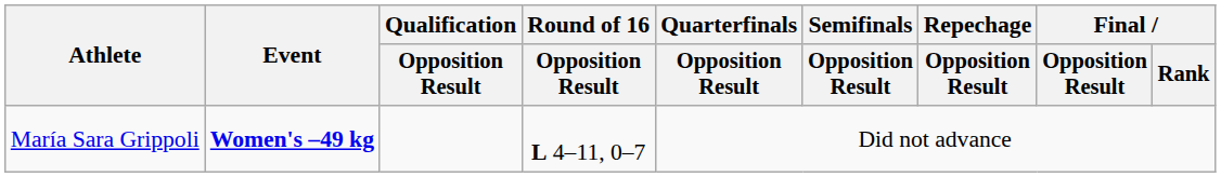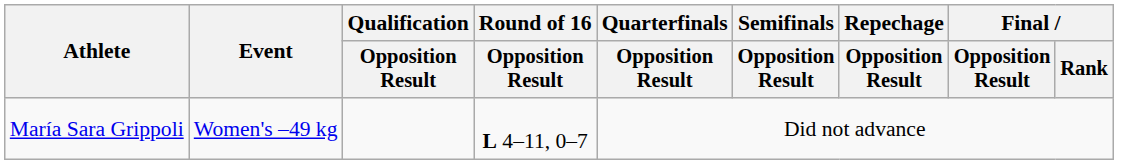 <table class=wikitable style=font-size:90%;text-align:center>
 <tr>
 <th rowspan=2>Athlete</th>
 <th rowspan=2>Event</th>
 <th>Qualification</th>
 <th>Round of 16</th>
 <th>Quarterfinals</th>
 <th>Semifinals</th>
 <th>Repechage</th>
 <th colspan=2>Final / </th>
 </tr>
 <tr style=font-size:95%>
 <th>Opposition<br>Result</th>
 <th>Opposition<br>Result</th>
 <th>Opposition<br>Result</th>
 <th>Opposition<br>Result</th>
 <th>Opposition<br>Result</th>
 <th>Opposition<br>Result</th>
 <th>Rank</th>
 </tr>
 <tr>
 <td align=left><a href='#'>María Sara Grippoli</a></td>
-<td align=left><strong><a href='#'>Women's –49 kg</a></strong></td>
+<td align=left><a href='#'>Women's –49 kg</a></td>
 <td></td>
 <td><br><strong>L</strong> 4–11, 0–7</td>
 <td colspan=5>Did not advance</td>
 </tr>
 </table>
